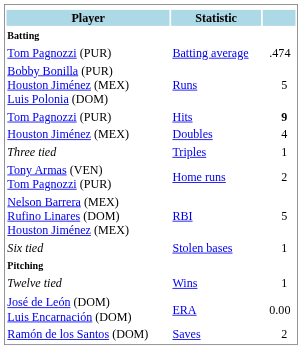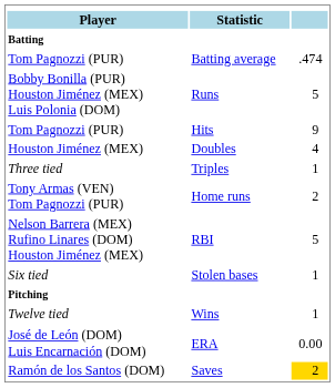 <table cellpadding="1" width="350px" style="font-size: 90%; border: 1px solid gray;">
 <tr align="center" style="font-size: larger;">
 <td colspan=6></td>
 </tr>
 <tr>
 <th style="background:lightblue;">Player</th>
 <th style="background:lightblue;">Statistic</th>
 <th style="background:lightblue;"></th>
 </tr>
 <tr>
 <td><small><strong>Batting</strong></small></td>
 </tr>
 <tr>
 <td><a href='#'>Tom Pagnozzi</a> (PUR)</td>
 <td><a href='#'>Batting average</a></td>
 <td>  .474</td>
 </tr>
 <tr>
 <td><a href='#'>Bobby Bonilla</a> (PUR)<br><a href='#'>Houston Jiménez</a> (MEX)<br><a href='#'>Luis Polonia</a> (DOM)</td>
 <td><a href='#'>Runs</a></td>
 <td>      5</td>
 </tr>
 <tr>
 <td><a href='#'>Tom Pagnozzi</a> (PUR)</td>
 <td><a href='#'>Hits</a></td>
-<td><strong>      9</strong></td>
+<td>      9</td>
 </tr>
 <tr>
 <td><a href='#'>Houston Jiménez</a> (MEX)</td>
 <td><a href='#'>Doubles</a></td>
 <td>      4</td>
 </tr>
 <tr>
 <td><em>Three tied</em></td>
 <td><a href='#'>Triples</a></td>
 <td>      1</td>
 </tr>
 <tr>
 <td><a href='#'>Tony Armas</a> (VEN)<br><a href='#'>Tom Pagnozzi</a> (PUR)</td>
 <td><a href='#'>Home runs</a></td>
 <td>      2</td>
 </tr>
 <tr>
 <td><a href='#'>Nelson Barrera</a> (MEX)<br><a href='#'>Rufino Linares</a> (DOM)<br><a href='#'>Houston Jiménez</a> (MEX)</td>
 <td><a href='#'>RBI</a></td>
 <td>      5</td>
 </tr>
 <tr>
 <td><em>Six tied</em></td>
 <td><a href='#'>Stolen bases</a></td>
 <td>      1</td>
 </tr>
 <tr>
 <td><small><strong>Pitching</strong></small></td>
 </tr>
 <tr>
 <td><em>Twelve tied</em></td>
 <td><a href='#'>Wins</a></td>
 <td>      1</td>
 </tr>
 <tr>
 </tr>
 <tr>
 <td><a href='#'>José de León</a> (DOM)<br><a href='#'>Luis Encarnación</a> (DOM)</td>
 <td><a href='#'>ERA</a></td>
 <td>  0.00</td>
 </tr>
 <tr>
 <td><a href='#'>Ramón de los Santos</a> (DOM)</td>
 <td><a href='#'>Saves</a></td>
-<td>      2</td>
+<td style="background: gold;">      2</td>
 </tr>
 </table>
